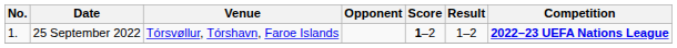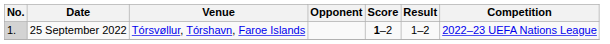 <table class="wikitable">
 <tr>
 <th>No.</th>
 <th>Date</th>
 <th>Venue</th>
 <th>Opponent</th>
 <th>Score</th>
 <th>Result</th>
 <th>Competition</th>
 </tr>
 <tr>
-<td>1.</td>
+<td style="background: lightgrey;">1.</td>
 <td>25 September 2022</td>
 <td><a href='#'>Tórsvøllur</a>, <a href='#'>Tórshavn</a>, <a href='#'>Faroe Islands</a></td>
 <td></td>
 <td align=center><strong>1</strong>–2</td>
 <td align=center>1–2</td>
-<td><strong><a href='#'>2022–23 UEFA Nations League</a></strong></td>
+<td><a href='#'>2022–23 UEFA Nations League</a></td>
 </tr>
 <tr>
 </tr>
 </table>
